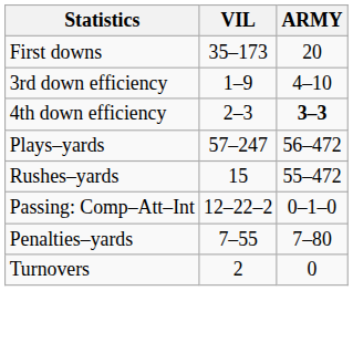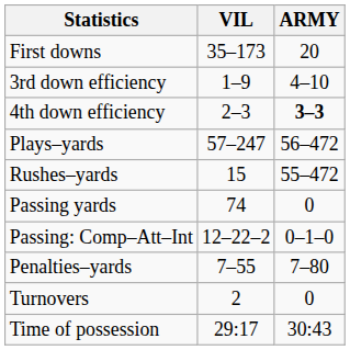 <table class="wikitable">
 <tr>
 <th>Statistics</th>
 <th>VIL</th>
 <th>ARMY</th>
 </tr>
 <tr>
 <td>First downs</td>
 <td align=center>35–173</td>
 <td align=center>20</td>
 </tr>
 <tr>
 <td>3rd down efficiency</td>
 <td align=center>1–9</td>
 <td align=center>4–10</td>
 </tr>
 <tr>
 <td>4th down efficiency</td>
 <td align=center>2–3</td>
 <td align=center><strong>3–3</strong></td>
 </tr>
 <tr>
 <td>Plays–yards</td>
 <td align=center>57–247</td>
 <td align=center>56–472</td>
 </tr>
 <tr>
 <td>Rushes–yards</td>
 <td align=center>15</td>
 <td align=center>55–472</td>
 </tr>
 <tr>
+<td>Passing yards</td>
+<td align=center>74</td>
+<td align=center>0</td>
+</tr>
+<tr>
 <td>Passing: Comp–Att–Int</td>
 <td align=center>12–22–2</td>
 <td align=center>0–1–0</td>
 </tr>
 <tr>
 <td>Penalties–yards</td>
 <td align=center>7–55</td>
 <td align=center>7–80</td>
 </tr>
 <tr>
 <td>Turnovers</td>
 <td align=center>2</td>
 <td align=center>0</td>
 </tr>
+<tr>
+<td>Time of possession</td>
+<td align=center>29:17</td>
+<td align=center>30:43</td>
+</tr>
 </table>
